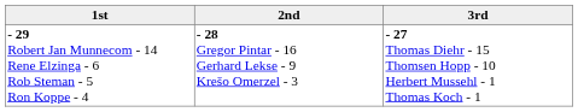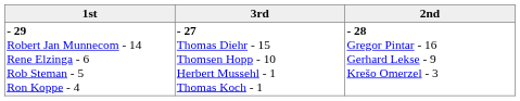 <table border="1" cellpadding="2" cellspacing="0" style="width:75%; border-collapse:collapse">
 <tr style="text-align:left; background:#efefef;">
 <th width=15% align=center >1st</th>
+<th width=15% align=center >3rd</th>
 <th width=15% align=center >2nd</th>
-<th width=15% align=center >3rd</th>
 </tr>
 <tr align=left>
 <td valign=top align=left ><strong> - 29</strong><br><a href='#'>Robert Jan Munnecom</a> - 14<br><a href='#'>Rene Elzinga</a> - 6<br><a href='#'>Rob Steman</a> - 5<br><a href='#'>Ron Koppe</a> - 4</td>
+<td valign=top align=left ><strong> - 27</strong><br><a href='#'>Thomas Diehr</a> - 15<br><a href='#'>Thomsen Hopp</a> - 10<br><a href='#'>Herbert Mussehl</a> - 1<br><a href='#'>Thomas Koch</a> - 1</td>
 <td valign=top align=left ><strong> - 28</strong><br><a href='#'>Gregor Pintar</a> - 16<br><a href='#'>Gerhard Lekse</a> - 9<br><a href='#'>Krešo Omerzel</a> - 3</td>
-<td valign=top align=left ><strong> - 27</strong><br><a href='#'>Thomas Diehr</a> - 15<br><a href='#'>Thomsen Hopp</a> - 10<br><a href='#'>Herbert Mussehl</a> - 1<br><a href='#'>Thomas Koch</a> - 1</td>
 </tr>
 </table>
